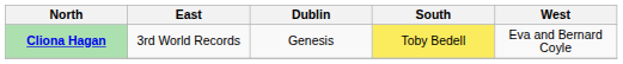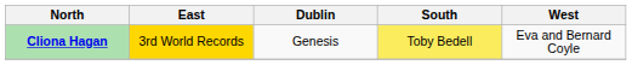 <table class="wikitable">
 <tr>
 <th width="150" rowspan="1">North</th>
 <th width="150" rowspan="1">East</th>
 <th width="150" rowspan="1">Dublin</th>
 <th width="150" rowspan="1">South</th>
 <th width="150" rowspan="1">West</th>
 </tr>
 <tr>
 <td style="background:#ACE1AF;" align="center"><strong><a href='#'>Cliona Hagan</a></strong></td>
-<td align="center">3rd World Records</td>
+<td align="center" style="background: gold;">3rd World Records</td>
 <td align="center">Genesis</td>
 <td style="background:#FBEC5D;" align="center">Toby Bedell</td>
 <td align="center">Eva and Bernard Coyle</td>
 </tr>
 <tr>
 </tr>
 </table>
